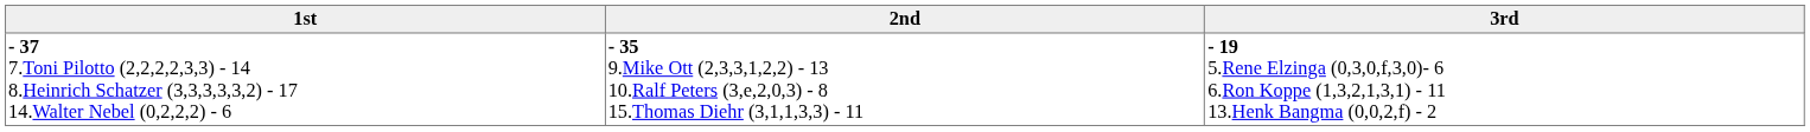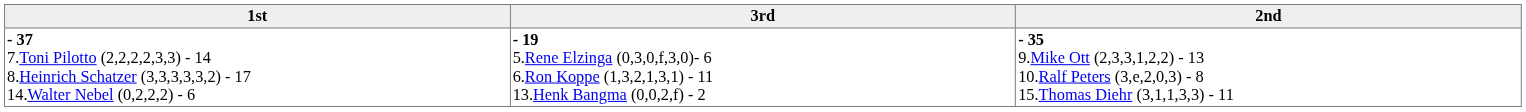 <table border="1" cellpadding="2" cellspacing="0" style="width:75%; border-collapse:collapse">
 <tr style="text-align:left; background:#efefef;">
 <th width=15% align=center >1st</th>
+<th width=15% align=center >3rd</th>
 <th width=15% align=center >2nd</th>
-<th width=15% align=center >3rd</th>
 </tr>
 <tr align=left>
 <td valign=top align=left ><strong> - 37</strong><br>7.<a href='#'>Toni Pilotto</a> (2,2,2,2,3,3) - 14<br>8.<a href='#'>Heinrich Schatzer</a> (3,3,3,3,3,2) - 17<br>14.<a href='#'>Walter Nebel</a> (0,2,2,2) - 6</td>
+<td valign=top align=left ><strong> - 19</strong><br>5.<a href='#'>Rene Elzinga</a> (0,3,0,f,3,0)- 6<br>6.<a href='#'>Ron Koppe</a> (1,3,2,1,3,1) - 11<br>13.<a href='#'>Henk Bangma</a> (0,0,2,f) - 2</td>
 <td valign=top align=left ><strong> - 35</strong><br>9.<a href='#'>Mike Ott</a> (2,3,3,1,2,2) - 13<br>10.<a href='#'>Ralf Peters</a> (3,e,2,0,3) - 8<br>15.<a href='#'>Thomas Diehr</a> (3,1,1,3,3) - 11</td>
-<td valign=top align=left ><strong> - 19</strong><br>5.<a href='#'>Rene Elzinga</a> (0,3,0,f,3,0)- 6<br>6.<a href='#'>Ron Koppe</a> (1,3,2,1,3,1) - 11<br>13.<a href='#'>Henk Bangma</a> (0,0,2,f) - 2</td>
 </tr>
 </table>
